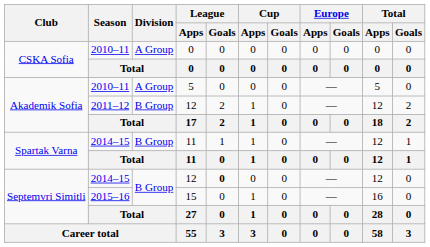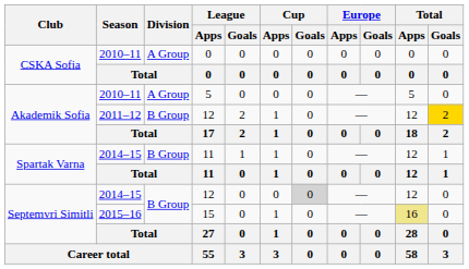 <table class="wikitable" style="font-size:90%; text-align: center">
 <tr>
 <th rowspan="2">Club</th>
 <th rowspan="2">Season</th>
 <th rowspan="2">Division</th>
 <th colspan="2">League</th>
 <th colspan="2">Cup</th>
 <th colspan="2"><a href='#'>Europe</a></th>
 <th colspan="2">Total</th>
 </tr>
 <tr>
 <th>Apps</th>
 <th>Goals</th>
 <th>Apps</th>
 <th>Goals</th>
 <th>Apps</th>
 <th>Goals</th>
 <th>Apps</th>
 <th>Goals</th>
 </tr>
 <tr>
 <td rowspan=2><a href='#'>CSKA Sofia</a></td>
 <td><a href='#'>2010–11</a></td>
 <td><a href='#'>A Group</a></td>
 <td>0</td>
 <td>0</td>
 <td>0</td>
 <td>0</td>
 <td>0</td>
 <td>0</td>
 <td>0</td>
 <td>0</td>
 </tr>
 <tr>
 <th colspan=2>Total</th>
 <th>0</th>
 <th>0</th>
 <th>0</th>
 <th>0</th>
 <th>0</th>
 <th>0</th>
 <th>0</th>
 <th>0</th>
 </tr>
 <tr>
 <td rowspan=3><a href='#'>Akademik Sofia</a></td>
 <td><a href='#'>2010–11</a></td>
 <td><a href='#'>A Group</a></td>
 <td>5</td>
 <td>0</td>
 <td>0</td>
 <td>0</td>
 <td colspan="2">—</td>
 <td>5</td>
 <td>0</td>
 </tr>
 <tr>
 <td><a href='#'>2011–12</a></td>
 <td><a href='#'>B Group</a></td>
 <td>12</td>
 <td>2</td>
 <td>1</td>
 <td>0</td>
 <td colspan="2">—</td>
 <td>12</td>
-<td>2</td>
+<td style="background: gold;">2</td>
 </tr>
 <tr>
 <th colspan=2>Total</th>
 <th>17</th>
 <th>2</th>
 <th>1</th>
 <th>0</th>
 <th>0</th>
 <th>0</th>
 <th>18</th>
 <th>2</th>
 </tr>
 <tr>
 <td rowspan=2><a href='#'>Spartak Varna</a></td>
 <td><a href='#'>2014–15</a></td>
 <td><a href='#'>B Group</a></td>
 <td>11</td>
 <td>1</td>
 <td>1</td>
 <td>0</td>
 <td colspan="2">—</td>
 <td>12</td>
 <td>1</td>
 </tr>
 <tr>
 <th colspan=2>Total</th>
 <th>11</th>
 <th>0</th>
 <th>1</th>
 <th>0</th>
 <th>0</th>
 <th>0</th>
 <th>12</th>
 <th>1</th>
 </tr>
 <tr>
 <td rowspan=3><a href='#'>Septemvri Simitli</a></td>
 <td><a href='#'>2014–15</a></td>
 <td rowspan="2"><a href='#'>B Group</a></td>
 <td>12</td>
-<td><strong>0</strong></td>
 <td>0</td>
 <td>0</td>
+<td style="background: lightgrey;">0</td>
 <td colspan="2">—</td>
 <td>12</td>
 <td>0</td>
 </tr>
 <tr>
 <td><a href='#'>2015–16</a></td>
 <td>15</td>
 <td>0</td>
 <td>1</td>
 <td>0</td>
 <td colspan="2">—</td>
-<td>16</td>
+<td style="background: khaki;">16</td>
 <td>0</td>
 </tr>
 <tr>
 <th colspan=2>Total</th>
 <th>27</th>
 <th>0</th>
 <th>1</th>
 <th>0</th>
 <th>0</th>
 <th>0</th>
 <th>28</th>
 <th>0</th>
 </tr>
 <tr>
 <th colspan=3>Career total</th>
 <th>55</th>
 <th>3</th>
 <th>3</th>
 <th>0</th>
 <th>0</th>
 <th>0</th>
 <th>58</th>
 <th>3</th>
 </tr>
 </table>
